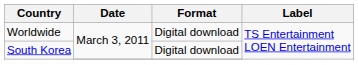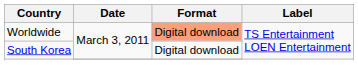 <table class="wikitable">
 <tr>
 <th>Country</th>
 <th>Date</th>
 <th>Format</th>
 <th>Label</th>
 </tr>
 <tr>
 <td rowspan="1">Worldwide</td>
 <td rowspan="2">March 3, 2011</td>
-<td rowspan="1">Digital download</td>
+<td rowspan="1" style="background: lightsalmon;">Digital download</td>
 <td rowspan="3"><a href='#'>TS Entertainment</a><br><a href='#'>LOEN Entertainment</a></td>
 </tr>
 <tr>
 <td rowspan="2"><a href='#'>South Korea</a></td>
 <td>Digital download</td>
 </tr>
 <tr>
 </tr>
 </table>
